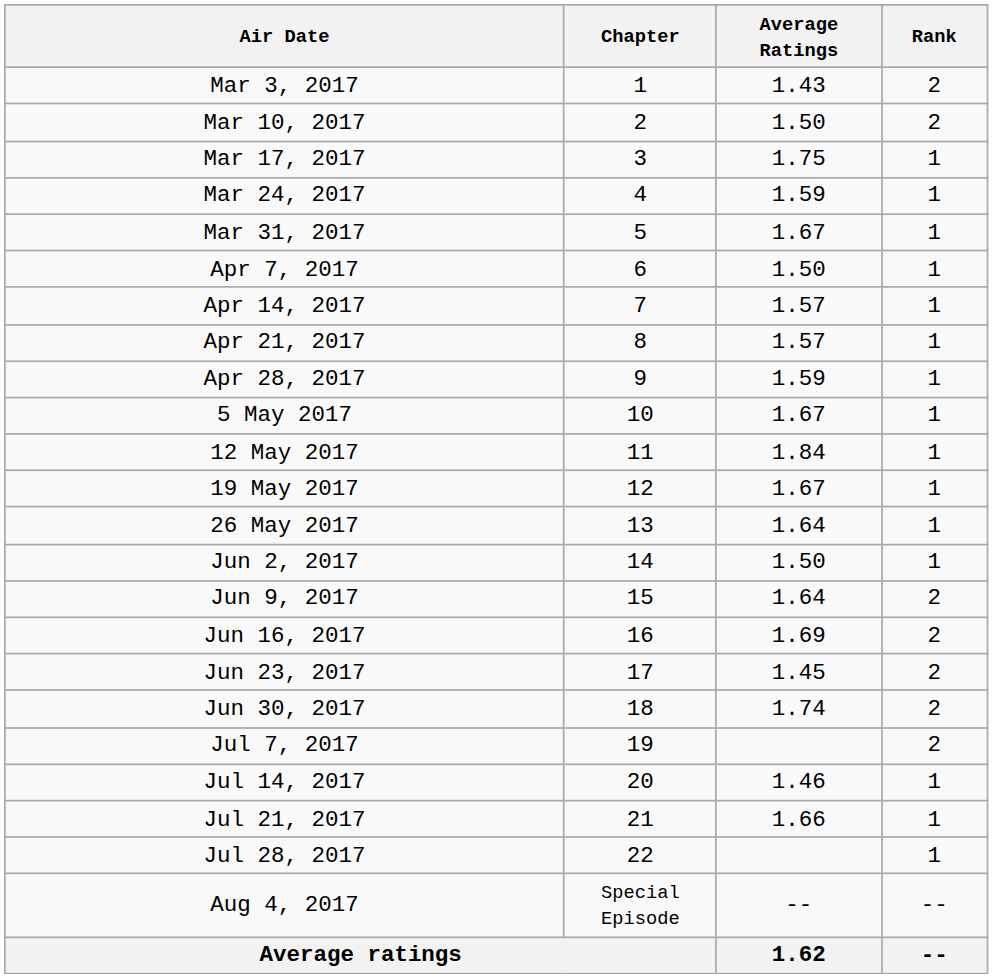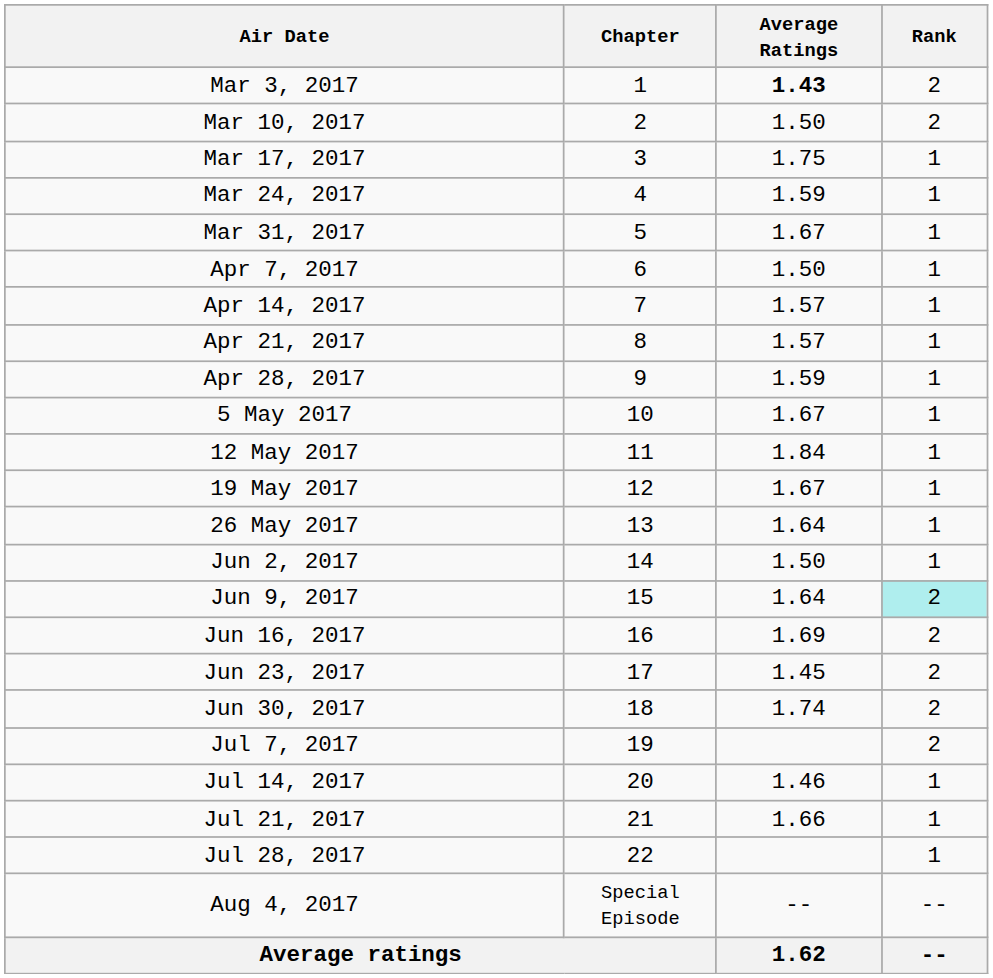 <table class="wikitable" style="text-align:center;width:45%;">
 <tr>
 <th width="25%"><small>Air Date</small></th>
 <th width="5%"><small>Chapter</small></th>
 <th width="6%"><small>Average Ratings</small></th>
 <th width="4%"><small>Rank</small></th>
 </tr>
 <tr>
 <td>Mar 3, 2017</td>
 <td>1</td>
-<td>1.43</td>
+<td><strong>1.43</strong></td>
 <td>2</td>
 </tr>
 <tr>
 <td>Mar 10, 2017</td>
 <td>2</td>
 <td>1.50</td>
 <td>2</td>
 </tr>
 <tr>
 <td>Mar 17, 2017</td>
 <td>3</td>
 <td>1.75</td>
 <td>1</td>
 </tr>
 <tr>
 <td>Mar 24, 2017</td>
 <td>4</td>
 <td>1.59</td>
 <td>1</td>
 </tr>
 <tr>
 <td>Mar 31, 2017</td>
 <td>5</td>
 <td>1.67</td>
 <td>1</td>
 </tr>
 <tr>
 <td>Apr 7, 2017</td>
 <td>6</td>
 <td>1.50</td>
 <td>1</td>
 </tr>
 <tr>
 <td>Apr 14, 2017</td>
 <td>7</td>
 <td>1.57</td>
 <td>1</td>
 </tr>
 <tr>
 <td>Apr 21, 2017</td>
 <td>8</td>
 <td>1.57</td>
 <td>1</td>
 </tr>
 <tr>
 <td>Apr 28, 2017</td>
 <td>9</td>
 <td>1.59</td>
 <td>1</td>
 </tr>
 <tr>
 <td>5 May 2017</td>
 <td>10</td>
 <td>1.67</td>
 <td>1</td>
 </tr>
 <tr>
 <td>12 May 2017</td>
 <td>11</td>
 <td>1.84</td>
 <td>1</td>
 </tr>
 <tr>
 <td>19 May 2017</td>
 <td>12</td>
 <td>1.67</td>
 <td>1</td>
 </tr>
 <tr>
 <td>26 May 2017</td>
 <td>13</td>
 <td>1.64</td>
 <td>1</td>
 </tr>
 <tr>
 <td>Jun 2, 2017</td>
 <td>14</td>
 <td>1.50</td>
 <td>1</td>
 </tr>
 <tr>
 <td>Jun 9, 2017</td>
 <td>15</td>
 <td>1.64</td>
-<td>2</td>
+<td style="background: paleturquoise;">2</td>
 </tr>
 <tr>
 <td>Jun 16, 2017</td>
 <td>16</td>
 <td>1.69</td>
 <td>2</td>
 </tr>
 <tr>
 <td>Jun 23, 2017</td>
 <td>17</td>
 <td>1.45</td>
 <td>2</td>
 </tr>
 <tr>
 <td>Jun 30, 2017</td>
 <td>18</td>
 <td>1.74</td>
 <td>2</td>
 </tr>
 <tr>
 <td>Jul 7, 2017</td>
 <td>19</td>
 <td><strong></strong></td>
 <td>2</td>
 </tr>
 <tr>
 <td>Jul 14, 2017</td>
 <td>20</td>
 <td>1.46</td>
 <td>1</td>
 </tr>
 <tr>
 <td>Jul 21, 2017</td>
 <td>21</td>
 <td>1.66</td>
 <td>1</td>
 </tr>
 <tr>
 <td>Jul 28, 2017</td>
 <td>22</td>
 <td><strong></strong></td>
 <td>1</td>
 </tr>
 <tr>
 <td>Aug 4, 2017</td>
 <td><small>Special Episode</small></td>
 <td>--</td>
 <td>--</td>
 </tr>
 <tr>
 <th colspan="2"><strong>Average ratings</strong></th>
 <th>1.62</th>
 <th>--</th>
 </tr>
 </table>
